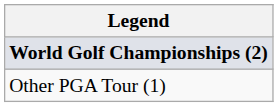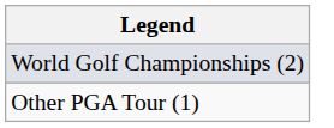 <table class="wikitable" style="font-size:95%;">
 <tr>
 <th>Legend</th>
 </tr>
 <tr style="background:#dfe2e9;">
-<td><strong>World Golf Championships (2)</strong></td>
+<td>World Golf Championships (2)</td>
 </tr>
 <tr>
 <td>Other PGA Tour (1)</td>
 </tr>
 </table>
